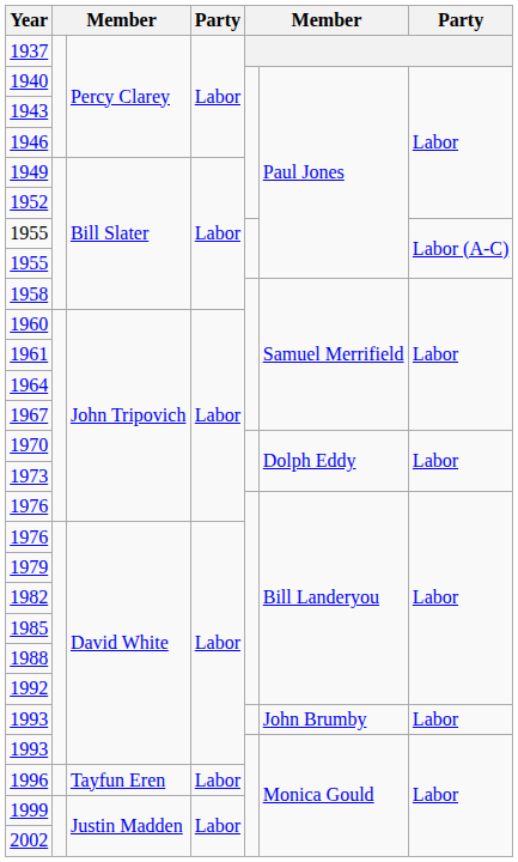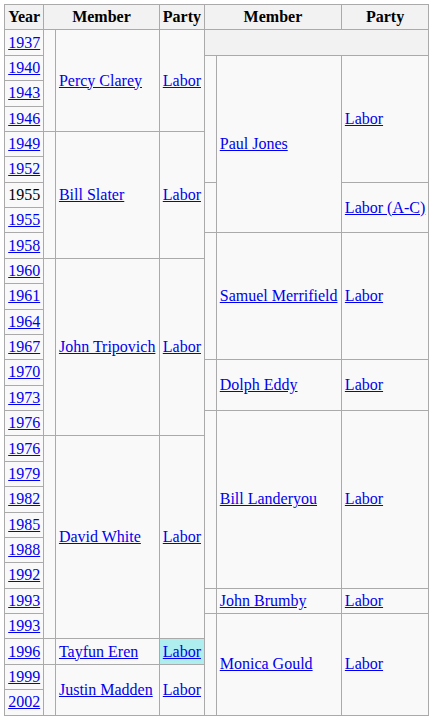 <table class="wikitable">
 <tr>
 <th>Year</th>
 <th colspan="2">Member</th>
 <th>Party</th>
 <th colspan="2">Member</th>
 <th>Party</th>
 </tr>
 <tr>
 <td><a href='#'>1937</a></td>
 <td rowspan="4" > </td>
 <td rowspan="4"><a href='#'>Percy Clarey</a></td>
 <td rowspan="4"><a href='#'>Labor</a></td>
 <th colspan="3"></th>
 </tr>
 <tr>
 <td><a href='#'>1940</a></td>
 <td rowspan="5" > </td>
 <td rowspan="7"><a href='#'>Paul Jones</a></td>
 <td rowspan="5"><a href='#'>Labor</a></td>
 </tr>
 <tr>
 <td><a href='#'>1943</a></td>
 </tr>
 <tr>
 <td><a href='#'>1946</a></td>
 </tr>
 <tr>
 <td><a href='#'>1949</a></td>
 <td rowspan="5" > </td>
 <td rowspan="5"><a href='#'>Bill Slater</a></td>
 <td rowspan="5"><a href='#'>Labor</a></td>
 </tr>
 <tr>
 <td><a href='#'>1952</a></td>
 </tr>
 <tr>
 <td>1955</td>
 <td rowspan="2" > </td>
 <td rowspan="2"><a href='#'>Labor (A-C)</a></td>
 </tr>
 <tr>
 <td><a href='#'>1955</a></td>
 </tr>
 <tr>
 <td><a href='#'>1958</a></td>
 <td rowspan="5" > </td>
 <td rowspan="5"><a href='#'>Samuel Merrifield</a></td>
 <td rowspan="5"><a href='#'>Labor</a></td>
 </tr>
 <tr>
 <td><a href='#'>1960</a></td>
 <td rowspan="7" > </td>
 <td rowspan="7"><a href='#'>John Tripovich</a></td>
 <td rowspan="7"><a href='#'>Labor</a></td>
 </tr>
 <tr>
 <td><a href='#'>1961</a></td>
 </tr>
 <tr>
 <td><a href='#'>1964</a></td>
 </tr>
 <tr>
 <td><a href='#'>1967</a></td>
 </tr>
 <tr>
 <td><a href='#'>1970</a></td>
 <td rowspan="2" > </td>
 <td rowspan="2"><a href='#'>Dolph Eddy</a></td>
 <td rowspan="2"><a href='#'>Labor</a></td>
 </tr>
 <tr>
 <td><a href='#'>1973</a></td>
 </tr>
 <tr>
 <td><a href='#'>1976</a></td>
 <td rowspan="7" > </td>
 <td rowspan="7"><a href='#'>Bill Landeryou</a></td>
 <td rowspan="7"><a href='#'>Labor</a></td>
 </tr>
 <tr>
 <td><a href='#'>1976</a></td>
 <td rowspan="8" > </td>
 <td rowspan="8"><a href='#'>David White</a></td>
 <td rowspan="8"><a href='#'>Labor</a></td>
 </tr>
 <tr>
 <td><a href='#'>1979</a></td>
 </tr>
 <tr>
 <td><a href='#'>1982</a></td>
 </tr>
 <tr>
 <td><a href='#'>1985</a></td>
 </tr>
 <tr>
 <td><a href='#'>1988</a></td>
 </tr>
 <tr>
 <td><a href='#'>1992</a></td>
 </tr>
 <tr>
 <td><a href='#'>1993</a></td>
 <td> </td>
 <td><a href='#'>John Brumby</a></td>
 <td><a href='#'>Labor</a></td>
 </tr>
 <tr>
 <td><a href='#'>1993</a></td>
 <td rowspan="4" > </td>
 <td rowspan="4"><a href='#'>Monica Gould</a></td>
 <td rowspan="4"><a href='#'>Labor</a></td>
 </tr>
 <tr>
 <td><a href='#'>1996</a></td>
 <td> </td>
 <td><a href='#'>Tayfun Eren</a></td>
-<td><a href='#'>Labor</a></td>
+<td style="background: paleturquoise;"><a href='#'>Labor</a></td>
 </tr>
 <tr>
 <td><a href='#'>1999</a></td>
 <td rowspan="2" > </td>
 <td rowspan="2"><a href='#'>Justin Madden</a></td>
 <td rowspan="2"><a href='#'>Labor</a></td>
 </tr>
 <tr>
 <td><a href='#'>2002</a></td>
 </tr>
 </table>
